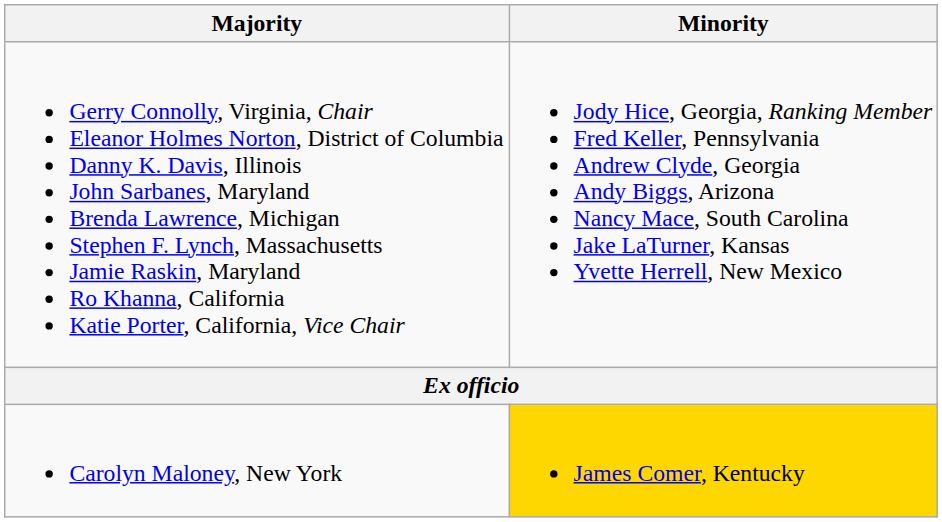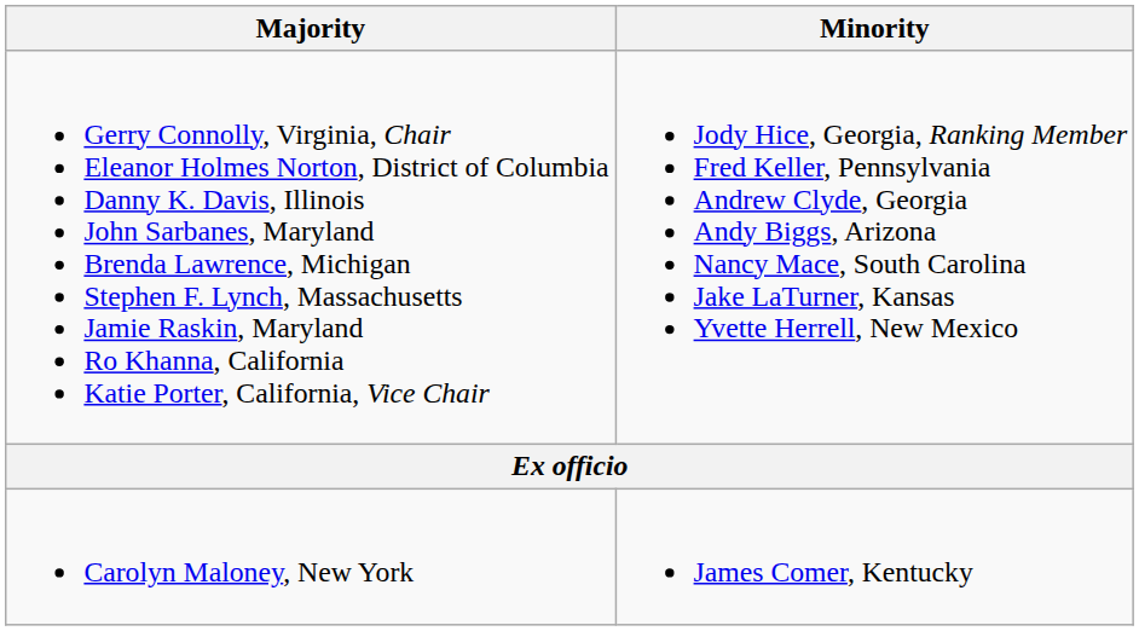 <table class=wikitable>
 <tr>
 <th>Majority</th>
 <th>Minority</th>
 </tr>
 <tr valign=top>
 <td><br><ul><li><a href='#'>Gerry Connolly</a>, Virginia, <em>Chair</em></li><li><a href='#'>Eleanor Holmes Norton</a>, District of Columbia</li><li><a href='#'>Danny K. Davis</a>, Illinois</li><li><a href='#'>John Sarbanes</a>, Maryland</li><li><a href='#'>Brenda Lawrence</a>, Michigan</li><li><a href='#'>Stephen F. Lynch</a>, Massachusetts</li><li><a href='#'>Jamie Raskin</a>, Maryland</li><li><a href='#'>Ro Khanna</a>, California</li><li><a href='#'>Katie Porter</a>, California, <em>Vice Chair</em></li></ul></td>
 <td><br><ul><li><a href='#'>Jody Hice</a>, Georgia, <em>Ranking Member</em></li><li><a href='#'>Fred Keller</a>, Pennsylvania</li><li><a href='#'>Andrew Clyde</a>, Georgia</li><li><a href='#'>Andy Biggs</a>, Arizona</li><li><a href='#'>Nancy Mace</a>, South Carolina</li><li><a href='#'>Jake LaTurner</a>, Kansas</li><li><a href='#'>Yvette Herrell</a>, New Mexico</li></ul></td>
 </tr>
 <tr>
 <th colspan=2><em>Ex officio</em></th>
 </tr>
 <tr>
 <td><br><ul><li><a href='#'>Carolyn Maloney</a>, New York</li></ul></td>
-<td style="background: gold;"><br><ul><li><a href='#'>James Comer</a>, Kentucky</li></ul></td>
+<td><br><ul><li><a href='#'>James Comer</a>, Kentucky</li></ul></td>
 </tr>
 </table>
